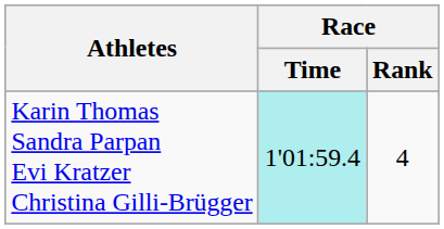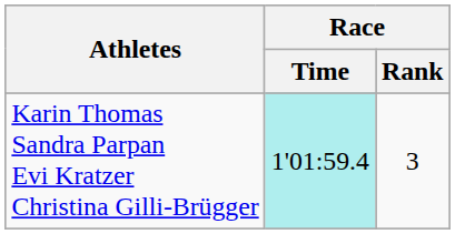 <table class="wikitable" border="1" style="font-size:90%">
 <tr>
 <th rowspan=2>Athletes</th>
 <th colspan=2>Race</th>
 </tr>
 <tr>
 <th>Time</th>
 <th>Rank</th>
 </tr>
 <tr>
 <td><a href='#'>Karin Thomas</a><br><a href='#'>Sandra Parpan</a><br><a href='#'>Evi Kratzer</a><br><a href='#'>Christina Gilli-Brügger</a></td>
 <td align=center style="background: paleturquoise;">1'01:59.4</td>
-<td align=center>4</td>
+<td align=center>3</td>
 </tr>
 </table>
